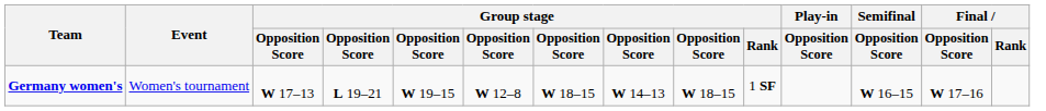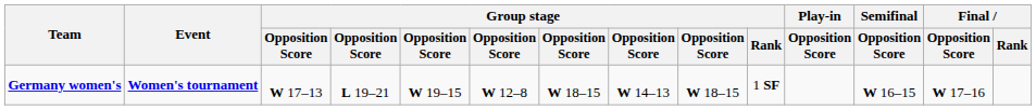 <table class=wikitable style=font-size:90%;text-align:center>
 <tr>
 <th rowspan=2>Team</th>
 <th rowspan=2>Event</th>
 <th colspan=8>Group stage</th>
 <th>Play-in</th>
 <th>Semifinal</th>
 <th colspan=2>Final / </th>
 </tr>
 <tr style=font-size:95%>
 <th>Opposition<br>Score</th>
 <th>Opposition<br>Score</th>
 <th>Opposition<br>Score</th>
 <th>Opposition<br>Score</th>
 <th>Opposition<br>Score</th>
 <th>Opposition<br>Score</th>
 <th>Opposition<br>Score</th>
 <th>Rank</th>
 <th>Opposition<br>Score</th>
 <th>Opposition<br>Score</th>
 <th>Opposition<br>Score</th>
 <th>Rank</th>
 </tr>
 <tr>
 <td align=left><strong><a href='#'>Germany women's</a></strong></td>
-<td align=left><a href='#'>Women's tournament</a></td>
+<td align=left><strong><a href='#'>Women's tournament</a></strong></td>
 <td><br><strong>W</strong> 17–13</td>
 <td><br><strong>L</strong> 19–21</td>
 <td><br><strong>W</strong> 19–15</td>
 <td><br><strong>W</strong> 12–8</td>
 <td><br><strong>W</strong> 18–15</td>
 <td><br><strong>W</strong> 14–13</td>
 <td><br><strong>W</strong> 18–15</td>
 <td>1 <strong>SF</strong></td>
 <td></td>
 <td><br><strong>W</strong> 16–15</td>
 <td><br><strong>W</strong> 17–16</td>
 <td></td>
 </tr>
 </table>
